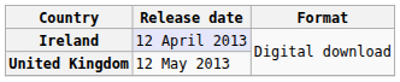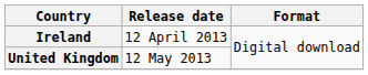 <table class="wikitable plainrowheaders">
 <tr>
 <th scope="col">Country</th>
 <th scope="col">Release date</th>
 <th scope="col">Format</th>
 </tr>
 <tr>
 <th scope="row">Ireland</th>
-<td style="background: lavender;">12 April 2013</td>
+<td>12 April 2013</td>
 <td rowspan="2">Digital download</td>
 </tr>
 <tr>
 <th scope="row">United Kingdom</th>
 <td>12 May 2013</td>
 </tr>
 <tr>
 </tr>
 </table>
